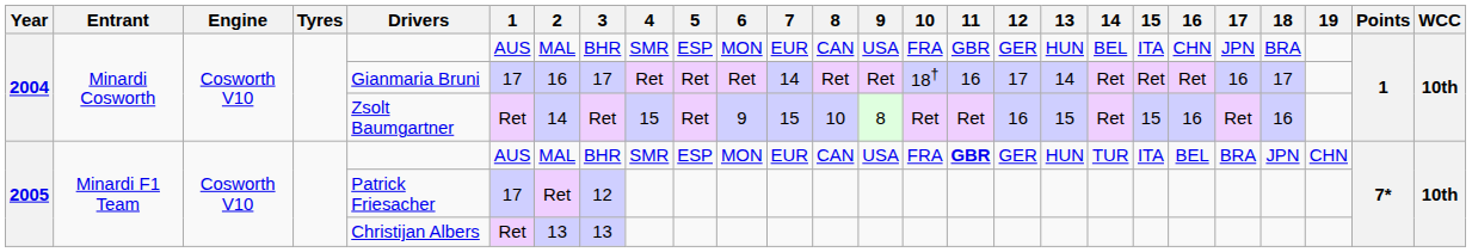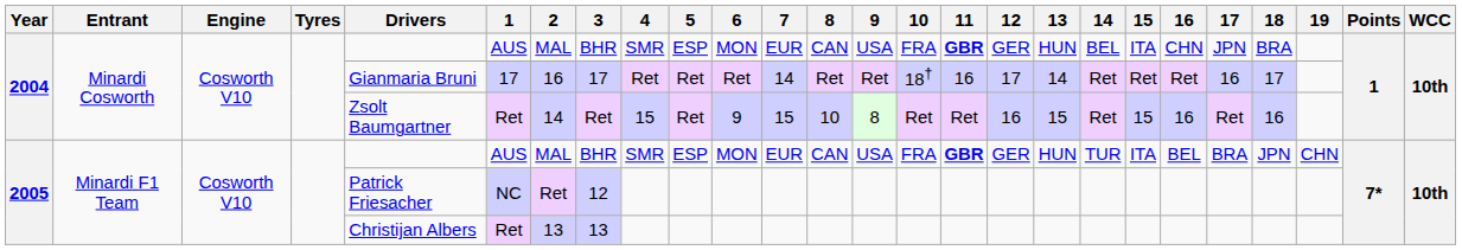 <table class="wikitable" style="text-align:center; font-size:95%">
 <tr>
 <th>Year</th>
 <th>Entrant</th>
 <th>Engine</th>
 <th>Tyres</th>
 <th>Drivers</th>
 <th>1</th>
 <th>2</th>
 <th>3</th>
 <th>4</th>
 <th>5</th>
 <th>6</th>
 <th>7</th>
 <th>8</th>
 <th>9</th>
 <th>10</th>
 <th>11</th>
 <th>12</th>
 <th>13</th>
 <th>14</th>
 <th>15</th>
 <th>16</th>
 <th>17</th>
 <th>18</th>
 <th>19</th>
 <th>Points</th>
 <th>WCC</th>
 </tr>
 <tr>
 <th rowspan="3"><a href='#'>2004</a></th>
 <td rowspan="3"><a href='#'>Minardi</a> <a href='#'>Cosworth</a></td>
 <td rowspan="3"><a href='#'>Cosworth</a> <a href='#'>V10</a></td>
 <td rowspan="3"></td>
 <td></td>
 <td><a href='#'>AUS</a></td>
 <td><a href='#'>MAL</a></td>
 <td><a href='#'>BHR</a></td>
 <td><a href='#'>SMR</a></td>
 <td><a href='#'>ESP</a></td>
 <td><a href='#'>MON</a></td>
 <td><a href='#'>EUR</a></td>
 <td><a href='#'>CAN</a></td>
 <td><a href='#'>USA</a></td>
 <td><a href='#'>FRA</a></td>
-<td><a href='#'>GBR</a></td>
+<td><strong><a href='#'>GBR</a></strong></td>
 <td><a href='#'>GER</a></td>
 <td><a href='#'>HUN</a></td>
 <td><a href='#'>BEL</a></td>
 <td><a href='#'>ITA</a></td>
 <td><a href='#'>CHN</a></td>
 <td><a href='#'>JPN</a></td>
 <td><a href='#'>BRA</a></td>
 <td></td>
 <th rowspan="3">1</th>
 <th rowspan="3">10th</th>
 </tr>
 <tr>
 <td align="left"> <a href='#'>Gianmaria Bruni</a></td>
 <td style="background:#CFCFFF;">17</td>
 <td style="background:#CFCFFF;">16</td>
 <td style="background:#CFCFFF;">17</td>
 <td style="background:#EFCFFF;">Ret</td>
 <td style="background:#EFCFFF;">Ret</td>
 <td style="background:#EFCFFF;">Ret</td>
 <td style="background:#CFCFFF;">14</td>
 <td style="background:#EFCFFF;">Ret</td>
 <td style="background:#EFCFFF;">Ret</td>
 <td style="background:#CFCFFF;">18<sup>†</sup></td>
 <td style="background:#CFCFFF;">16</td>
 <td style="background:#CFCFFF;">17</td>
 <td style="background:#CFCFFF;">14</td>
 <td style="background:#EFCFFF;">Ret</td>
 <td style="background:#EFCFFF;">Ret</td>
 <td style="background:#EFCFFF;">Ret</td>
 <td style="background:#CFCFFF;">16</td>
 <td style="background:#CFCFFF;">17</td>
 <td></td>
 </tr>
 <tr>
 <td align="left"> <a href='#'>Zsolt Baumgartner</a></td>
 <td style="background:#EFCFFF;">Ret</td>
 <td style="background:#CFCFFF;">14</td>
 <td style="background:#EFCFFF;">Ret</td>
 <td style="background:#CFCFFF;">15</td>
 <td style="background:#EFCFFF;">Ret</td>
 <td style="background:#CFCFFF;">9</td>
 <td style="background:#CFCFFF;">15</td>
 <td style="background:#CFCFFF;">10</td>
 <td style="background:#DFFFDF;">8</td>
 <td style="background:#EFCFFF;">Ret</td>
 <td style="background:#EFCFFF;">Ret</td>
 <td style="background:#CFCFFF;">16</td>
 <td style="background:#CFCFFF;">15</td>
 <td style="background:#EFCFFF;">Ret</td>
 <td style="background:#CFCFFF;">15</td>
 <td style="background:#CFCFFF;">16</td>
 <td style="background:#EFCFFF;">Ret</td>
 <td style="background:#CFCFFF;">16</td>
 <td></td>
 </tr>
 <tr>
 <th rowspan="3"><a href='#'>2005</a></th>
 <td rowspan="3"><a href='#'>Minardi F1 Team</a></td>
 <td rowspan="3"><a href='#'>Cosworth</a> <a href='#'>V10</a></td>
 <td rowspan="3"></td>
 <td></td>
 <td><a href='#'>AUS</a></td>
 <td><a href='#'>MAL</a></td>
 <td><a href='#'>BHR</a></td>
 <td><a href='#'>SMR</a></td>
 <td><a href='#'>ESP</a></td>
 <td><a href='#'>MON</a></td>
 <td><a href='#'>EUR</a></td>
 <td><a href='#'>CAN</a></td>
 <td><a href='#'>USA</a></td>
 <td><a href='#'>FRA</a></td>
 <td><strong><a href='#'>GBR</a></strong></td>
 <td><a href='#'>GER</a></td>
 <td><a href='#'>HUN</a></td>
 <td><a href='#'>TUR</a></td>
 <td><a href='#'>ITA</a></td>
 <td><a href='#'>BEL</a></td>
 <td><a href='#'>BRA</a></td>
 <td><a href='#'>JPN</a></td>
 <td><a href='#'>CHN</a></td>
 <th rowspan="3">7*</th>
 <th rowspan="3">10th</th>
 </tr>
 <tr>
 <td align="left"> <a href='#'>Patrick Friesacher</a></td>
-<td style="background:#CFCFFF;">17</td>
+<td style="background:#CFCFFF;">NC</td>
 <td style="background:#EFCFFF;">Ret</td>
 <td style="background:#CFCFFF;">12</td>
 <td></td>
 <td></td>
 <td></td>
 <td></td>
 <td></td>
 <td></td>
 <td></td>
 <td></td>
 <td></td>
 <td></td>
 <td></td>
 <td></td>
 <td></td>
 <td></td>
 <td></td>
 <td></td>
 </tr>
 <tr>
 <td align="left"> <a href='#'>Christijan Albers</a></td>
 <td style="background:#EFCFFF;">Ret</td>
 <td style="background:#CFCFFF;">13</td>
 <td style="background:#CFCFFF;">13</td>
 <td></td>
 <td></td>
 <td></td>
 <td></td>
 <td></td>
 <td></td>
 <td></td>
 <td></td>
 <td></td>
 <td></td>
 <td></td>
 <td></td>
 <td></td>
 <td></td>
 <td></td>
 <td></td>
 </tr>
 </table>
